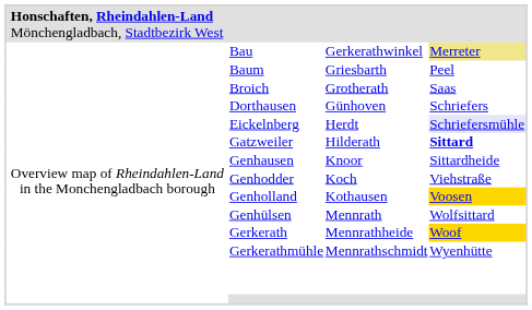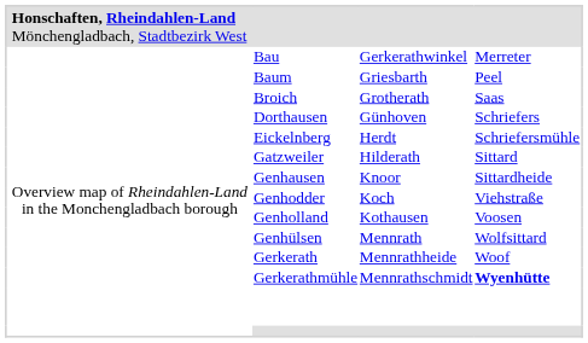 <table class="nowraplinks" style="border: 2px #D3D3D3 solid; border-collapse: collapse;">
 <tr>
 <td colspan="4" style="background-color: #E0E0E0; padding: 2px 0 2px 5px; text-align: left;"><strong>Honschaften, <a href='#'>Rheindahlen-Land</a></strong><br><span>Mönchengladbach, <a href='#'>Stadtbezirk West</a></span></td>
 </tr>
 <tr>
 <td rowspan=15 style="text-align: center; padding: 5px;"><br><span>Overview map of <em>Rheindahlen-Land</em><br>in the Monchengladbach borough</span></td>
 </tr>
 <tr>
 <td><a href='#'>Bau</a></td>
 <td><a href='#'>Gerkerathwinkel</a></td>
-<td style="background: khaki;"><a href='#'>Merreter</a></td>
+<td><a href='#'>Merreter</a></td>
 </tr>
 <tr>
 <td><a href='#'>Baum</a></td>
 <td><a href='#'>Griesbarth</a></td>
 <td><a href='#'>Peel</a></td>
 </tr>
 <tr>
 <td><a href='#'>Broich</a></td>
 <td><a href='#'>Grotherath</a></td>
 <td><a href='#'>Saas</a></td>
 </tr>
 <tr>
 <td><a href='#'>Dorthausen</a></td>
 <td><a href='#'>Günhoven</a></td>
 <td><a href='#'>Schriefers</a></td>
 </tr>
 <tr>
 <td><a href='#'>Eickelnberg</a></td>
 <td><a href='#'>Herdt</a></td>
-<td style="background: lavender;"><a href='#'>Schriefersmühle</a></td>
+<td><a href='#'>Schriefersmühle</a></td>
 </tr>
 <tr>
 <td><a href='#'>Gatzweiler</a></td>
 <td><a href='#'>Hilderath</a></td>
-<td><strong><a href='#'>Sittard</a></strong></td>
+<td><a href='#'>Sittard</a></td>
 </tr>
 <tr>
 <td><a href='#'>Genhausen</a></td>
 <td><a href='#'>Knoor</a></td>
 <td><a href='#'>Sittardheide</a></td>
 </tr>
 <tr>
 <td><a href='#'>Genhodder</a></td>
 <td><a href='#'>Koch</a></td>
 <td><a href='#'>Viehstraße</a></td>
 </tr>
 <tr>
 <td><a href='#'>Genholland</a></td>
 <td><a href='#'>Kothausen</a></td>
-<td style="background: gold;"><a href='#'>Voosen</a></td>
+<td><a href='#'>Voosen</a></td>
 </tr>
 <tr>
 <td><a href='#'>Genhülsen</a></td>
 <td><a href='#'>Mennrath</a></td>
 <td><a href='#'>Wolfsittard</a></td>
 </tr>
 <tr>
 <td><a href='#'>Gerkerath</a></td>
 <td><a href='#'>Mennrathheide</a></td>
-<td style="background: gold;"><a href='#'>Woof</a></td>
+<td><a href='#'>Woof</a></td>
 </tr>
 <tr>
 <td><a href='#'>Gerkerathmühle</a></td>
 <td><a href='#'>Mennrathschmidt</a></td>
-<td><a href='#'>Wyenhütte</a></td>
+<td><strong><a href='#'>Wyenhütte</a></strong></td>
 </tr>
 <tr>
 <td><br><br></td>
 </tr>
 <tr>
 <td colspan="4" style=" background-color: #E0E0E0; text-align: center; padding: 5px;"></td>
 </tr>
 </table>
